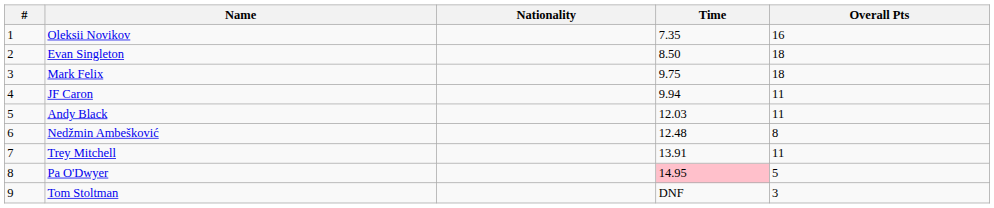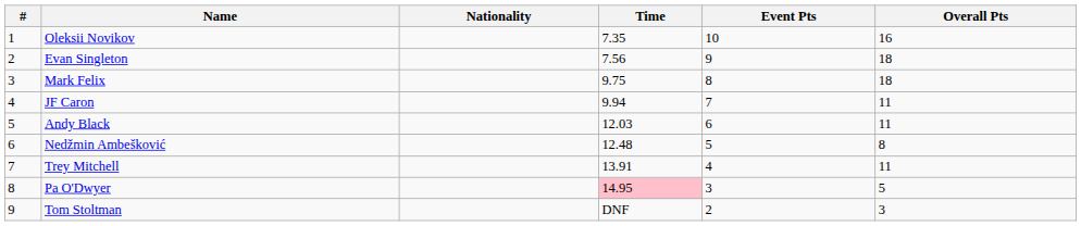 <table class="wikitable sortable" style="display: inline-table;width: 100%;">
 <tr>
 <th>#</th>
 <th>Name</th>
 <th>Nationality</th>
 <th>Time</th>
+<th>Event Pts</th>
 <th>Overall Pts</th>
 </tr>
 <tr>
 <td>1</td>
 <td><a href='#'>Oleksii Novikov</a></td>
 <td></td>
 <td>7.35</td>
+<td>10</td>
 <td>16</td>
 </tr>
 <tr>
 <td>2</td>
 <td><a href='#'>Evan Singleton</a></td>
 <td></td>
-<td>8.50</td>
+<td>7.56</td>
+<td>9</td>
 <td>18</td>
 </tr>
 <tr>
 <td>3</td>
 <td><a href='#'>Mark Felix</a></td>
 <td></td>
 <td>9.75</td>
+<td>8</td>
 <td>18</td>
 </tr>
 <tr>
 <td>4</td>
 <td><a href='#'>JF Caron</a></td>
 <td></td>
 <td>9.94</td>
+<td>7</td>
 <td>11</td>
 </tr>
 <tr>
 <td>5</td>
 <td><a href='#'>Andy Black</a></td>
 <td></td>
 <td>12.03</td>
+<td>6</td>
 <td>11</td>
 </tr>
 <tr>
 <td>6</td>
 <td><a href='#'>Nedžmin Ambešković</a></td>
 <td></td>
 <td>12.48</td>
+<td>5</td>
 <td>8</td>
 </tr>
 <tr>
 <td>7</td>
 <td><a href='#'>Trey Mitchell</a></td>
 <td></td>
 <td>13.91</td>
+<td>4</td>
 <td>11</td>
 </tr>
 <tr>
 <td>8</td>
 <td><a href='#'>Pa O'Dwyer</a></td>
 <td></td>
 <td style="background: pink;">14.95</td>
+<td>3</td>
 <td>5</td>
 </tr>
 <tr>
 <td>9</td>
 <td><a href='#'>Tom Stoltman</a></td>
 <td></td>
 <td>DNF </td>
+<td>2</td>
 <td>3</td>
 </tr>
 </table>
